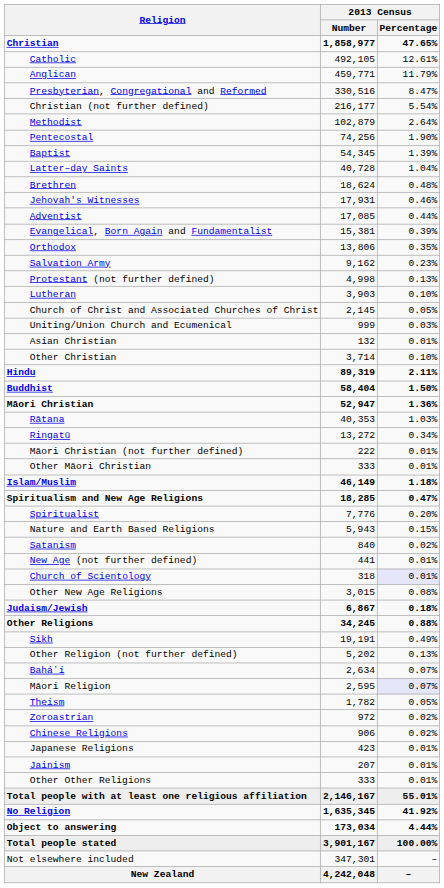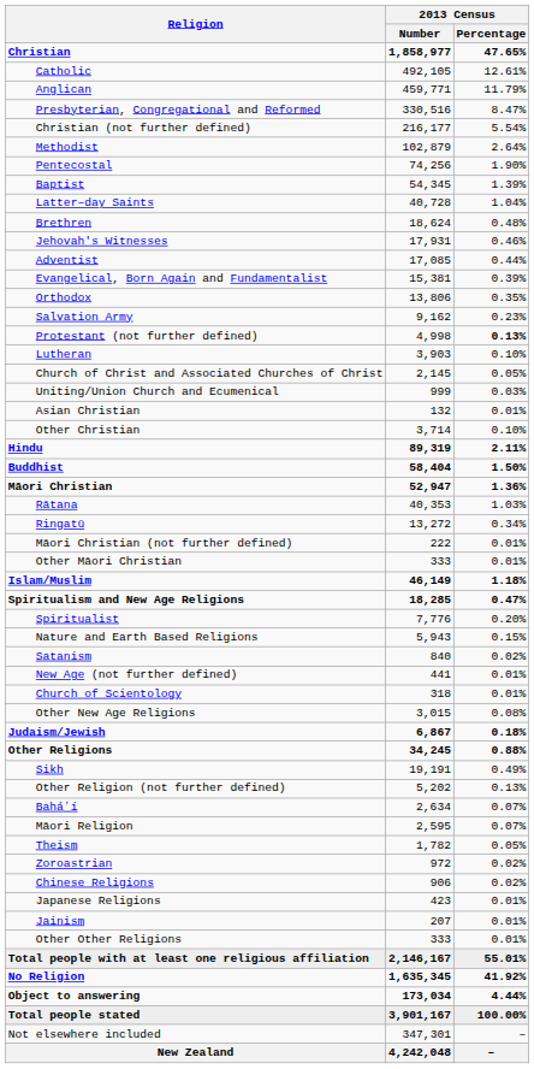 <table class="wikitable">
 <tr>
 <th rowspan=2><a href='#'>Religion</a></th>
 <th colspan=2>2013 Census</th>
 </tr>
 <tr>
 <th>Number</th>
 <th>Percentage</th>
 </tr>
 <tr align=right>
 <td align=left><strong><a href='#'>Christian</a></strong></td>
 <td><strong>1,858,977</strong></td>
 <td><strong>47.65%</strong></td>
 </tr>
 <tr align=right>
 <td align=left>    <a href='#'>Catholic</a></td>
 <td>492,105</td>
 <td>12.61%</td>
 </tr>
 <tr align=right>
 <td align=left>    <a href='#'>Anglican</a></td>
 <td>459,771</td>
 <td>11.79%</td>
 </tr>
 <tr align=right>
 <td align=left>    <a href='#'>Presbyterian</a>, <a href='#'>Congregational</a> and <a href='#'>Reformed</a></td>
 <td>330,516</td>
 <td>8.47%</td>
 </tr>
 <tr align=right>
 <td align=left>    Christian (not further defined)</td>
 <td>216,177</td>
 <td>5.54%</td>
 </tr>
 <tr align=right>
 <td align=left>    <a href='#'>Methodist</a></td>
 <td>102,879</td>
 <td>2.64%</td>
 </tr>
 <tr align=right>
 <td align=left>    <a href='#'>Pentecostal</a></td>
 <td>74,256</td>
 <td>1.90%</td>
 </tr>
 <tr align=right>
 <td align=left>    <a href='#'>Baptist</a></td>
 <td>54,345</td>
 <td>1.39%</td>
 </tr>
 <tr align=right>
 <td align=left>    <a href='#'>Latter–day Saints</a></td>
 <td>40,728</td>
 <td>1.04%</td>
 </tr>
 <tr align=right>
 <td align=left>    <a href='#'>Brethren</a></td>
 <td>18,624</td>
 <td>0.48%</td>
 </tr>
 <tr align=right>
 <td align=left>    <a href='#'>Jehovah's Witnesses</a></td>
 <td>17,931</td>
 <td>0.46%</td>
 </tr>
 <tr align=right>
 <td align=left>    <a href='#'>Adventist</a></td>
 <td>17,085</td>
 <td>0.44%</td>
 </tr>
 <tr align=right>
 <td align=left>    <a href='#'>Evangelical</a>, <a href='#'>Born Again</a> and <a href='#'>Fundamentalist</a></td>
 <td>15,381</td>
 <td>0.39%</td>
 </tr>
 <tr align=right>
 <td align=left>    <a href='#'>Orthodox</a></td>
 <td>13,806</td>
 <td>0.35%</td>
 </tr>
 <tr align=right>
 <td align=left>    <a href='#'>Salvation Army</a></td>
 <td>9,162</td>
 <td>0.23%</td>
 </tr>
 <tr align=right>
 <td align=left>    <a href='#'>Protestant</a> (not further defined)</td>
 <td>4,998</td>
-<td>0.13%</td>
+<td><strong>0.13%</strong></td>
 </tr>
 <tr align=right>
 <td align=left>    <a href='#'>Lutheran</a></td>
 <td>3,903</td>
 <td>0.10%</td>
 </tr>
 <tr align=right>
 <td align=left>    Church of Christ and Associated Churches of Christ</td>
 <td>2,145</td>
 <td>0.05%</td>
 </tr>
 <tr align=right>
 <td align=left>    Uniting/Union Church and Ecumenical</td>
 <td>999</td>
 <td>0.03%</td>
 </tr>
 <tr align=right>
 <td align=left>    Asian Christian</td>
 <td>132</td>
 <td>0.01%</td>
 </tr>
 <tr align=right>
 <td align=left>    Other Christian</td>
 <td>3,714</td>
 <td>0.10%</td>
 </tr>
 <tr align=right>
 <td align=left><strong><a href='#'>Hindu</a></strong></td>
 <td><strong>89,319</strong></td>
 <td><strong>2.11%</strong></td>
 </tr>
 <tr align=right>
 <td align=left><strong><a href='#'>Buddhist</a></strong></td>
 <td><strong>58,404</strong></td>
 <td><strong>1.50%</strong></td>
 </tr>
 <tr align=right>
 <td align=left><strong>Māori Christian</strong></td>
 <td><strong>52,947</strong></td>
 <td><strong>1.36%</strong></td>
 </tr>
 <tr align=right>
 <td align=left>    <a href='#'>Rātana</a></td>
 <td>40,353</td>
 <td>1.03%</td>
 </tr>
 <tr align=right>
 <td align=left>    <a href='#'>Ringatū</a></td>
 <td>13,272</td>
 <td>0.34%</td>
 </tr>
 <tr align=right || −0.10>
 <td align=left>    Māori Christian (not further defined)</td>
 <td>222</td>
 <td>0.01%</td>
 </tr>
 <tr align=right>
 <td align=left>    Other Māori Christian</td>
 <td>333</td>
 <td>0.01%</td>
 </tr>
 <tr align=right>
 <td align=left><strong><a href='#'>Islam/Muslim</a></strong></td>
 <td><strong>46,149</strong></td>
 <td><strong>1.18%</strong></td>
 </tr>
 <tr align=right>
 <td align=left><strong>Spiritualism and New Age Religions</strong></td>
 <td><strong>18,285</strong></td>
 <td><strong>0.47%</strong></td>
 </tr>
 <tr align=right>
 <td align=left>    <a href='#'>Spiritualist</a></td>
 <td>7,776</td>
 <td>0.20%</td>
 </tr>
 <tr align=right>
 <td align=left>    Nature and Earth Based Religions</td>
 <td>5,943</td>
 <td>0.15%</td>
 </tr>
 <tr align=right>
 <td align=left>    <a href='#'>Satanism</a></td>
 <td>840</td>
 <td>0.02%</td>
 </tr>
 <tr align=right>
 <td align=left>    <a href='#'>New Age</a> (not further defined)</td>
 <td>441</td>
 <td>0.01%</td>
 </tr>
 <tr align=right>
 <td align=left>    <a href='#'>Church of Scientology</a></td>
 <td>318</td>
-<td style="background: lavender;">0.01%</td>
+<td>0.01%</td>
 </tr>
 <tr align=right>
 <td align=left>    Other New Age Religions</td>
 <td>3,015</td>
 <td>0.08%</td>
 </tr>
 <tr align=right>
 <td align=left><strong><a href='#'>Judaism/Jewish</a></strong></td>
 <td><strong>6,867</strong></td>
 <td><strong>0.18%</strong></td>
 </tr>
 <tr align=right>
 <td align=left><strong>Other Religions</strong></td>
 <td><strong>34,245</strong></td>
 <td><strong>0.88%</strong></td>
 </tr>
 <tr align=right>
 <td align=left>    <a href='#'>Sikh</a></td>
 <td>19,191</td>
 <td>0.49%</td>
 </tr>
 <tr align=right>
 <td align=left>    Other Religion (not further defined)</td>
 <td>5,202</td>
 <td>0.13%</td>
 </tr>
 <tr align=right>
 <td align=left>    <a href='#'>Baháʼí</a></td>
 <td>2,634</td>
 <td>0.07%</td>
 </tr>
 <tr align=right>
 <td align=left>    Māori Religion</td>
 <td>2,595</td>
-<td style="background: lavender;">0.07%</td>
+<td>0.07%</td>
 </tr>
 <tr align=right>
 <td align=left>    <a href='#'>Theism</a></td>
 <td>1,782</td>
 <td>0.05%</td>
 </tr>
 <tr align=right>
 <td align=left>    <a href='#'>Zoroastrian</a></td>
 <td>972</td>
 <td>0.02%</td>
 </tr>
 <tr align=right>
 <td align=left>    <a href='#'>Chinese Religions</a></td>
 <td>906</td>
 <td>0.02%</td>
 </tr>
 <tr align=right>
 <td align=left>    Japanese Religions</td>
 <td>423</td>
 <td>0.01%</td>
 </tr>
 <tr align=right>
 <td align=left>    <a href='#'>Jainism</a></td>
 <td>207</td>
 <td>0.01%</td>
 </tr>
 <tr align=right>
 <td align=left>    Other Other Religions</td>
 <td>333</td>
 <td>0.01%</td>
 </tr>
 <tr align=right bgcolor=#EEEEEE>
 <td align=left><strong>Total people with at least one religious affiliation</strong></td>
 <td><strong>2,146,167</strong></td>
 <td><strong>55.01%</strong></td>
 </tr>
 <tr align=right>
 <td align=left><strong><a href='#'>No Religion</a></strong></td>
 <td><strong>1,635,345</strong></td>
 <td><strong>41.92%</strong></td>
 </tr>
 <tr align=right>
 <td align=left><strong>Object to answering</strong></td>
 <td><strong>173,034</strong></td>
 <td><strong>4.44%</strong></td>
 </tr>
 <tr align=right bgcolor=#EEEEEE>
 <td align=left><strong>Total people stated</strong></td>
 <td><strong>3,901,167</strong></td>
 <td><strong>100.00%</strong></td>
 </tr>
 <tr align=right>
 <td align=left>Not elsewhere included</td>
 <td>347,301</td>
 <td>–</td>
 </tr>
 <tr>
 <th align=Centre> <strong>New Zealand</strong></th>
 <th><strong>4,242,048</strong></th>
 <th>–</th>
 </tr>
 </table>
